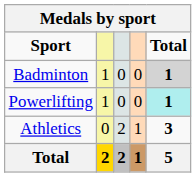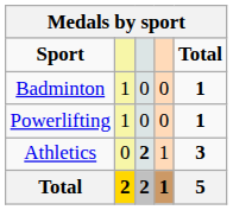 <table class="wikitable" style="font-size:85%; text-align:center">
 <tr style="background:#efefef;">
 <th colspan="7"><strong>Medals by sport</strong></th>
 </tr>
 <tr>
 <td><strong>Sport</strong></td>
 <td bgcolor="#F7F6A8"></td>
 <td bgcolor="#DCE5E5"></td>
 <td bgcolor="#FFDAB9"></td>
 <td><strong>Total</strong></td>
 </tr>
 <tr>
 <td><a href='#'>Badminton</a></td>
 <td bgcolor="#F7F6A8">1</td>
 <td bgcolor="#DCE5E5">0</td>
 <td bgcolor="#FFDAB9">0</td>
-<td style="background: lightgrey;"><strong>1</strong></td>
+<td><strong>1</strong></td>
 </tr>
 <tr>
 <td><a href='#'>Powerlifting</a></td>
 <td bgcolor="#F7F6A8">1</td>
 <td bgcolor="#DCE5E5">0</td>
 <td bgcolor="#FFDAB9">0</td>
-<td style="background: paleturquoise;"><strong>1</strong></td>
+<td><strong>1</strong></td>
 </tr>
 <tr>
 <td><a href='#'>Athletics</a></td>
 <td bgcolor="#F7F6A8">0</td>
-<td bgcolor="#DCE5E5">2</td>
+<td bgcolor="#DCE5E5"><strong>2</strong></td>
 <td bgcolor="#FFDAB9">1</td>
 <td><strong>3</strong></td>
 </tr>
 <tr>
 <th><strong>Total</strong></th>
 <th style="background:gold;"><strong>2</strong></th>
 <th style="background:silver;"><strong>2</strong></th>
 <th style="background:#c96;"><strong>1</strong></th>
 <th><strong>5</strong></th>
 </tr>
 </table>
